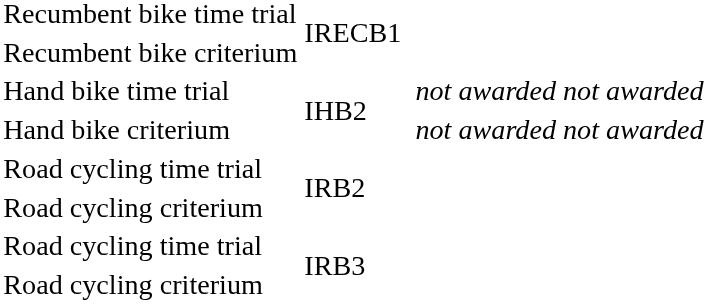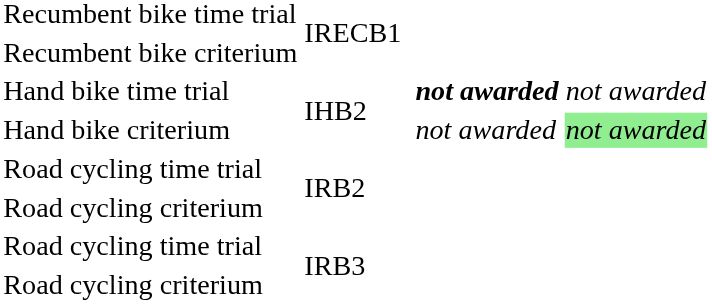 <table>
 <tr>
 <td>Recumbent bike time trial</td>
 <td rowspan=2>IRECB1</td>
 <td></td>
 <td></td>
 <td></td>
 </tr>
 <tr>
 <td>Recumbent bike criterium</td>
 <td></td>
 <td></td>
 <td nowrap></td>
 </tr>
 <tr>
 <td>Hand bike time trial</td>
 <td rowspan=2>IHB2</td>
 <td></td>
-<td><em>not awarded</em></td>
+<td><strong><em>not awarded</em></strong></td>
 <td><em>not awarded</em></td>
 </tr>
 <tr>
 <td>Hand bike criterium</td>
 <td></td>
 <td><em>not awarded</em></td>
-<td><em>not awarded</em></td>
+<td style="background: lightgreen;"><em>not awarded</em></td>
 </tr>
 <tr>
 <td>Road cycling time trial</td>
 <td rowspan=2>IRB2</td>
 <td nowrap></td>
 <td></td>
 <td></td>
 </tr>
 <tr>
 <td>Road cycling criterium</td>
 <td></td>
 <td></td>
 <td></td>
 </tr>
 <tr>
 <td>Road cycling time trial</td>
 <td rowspan=2>IRB3</td>
 <td></td>
 <td nowrap></td>
 <td></td>
 </tr>
 <tr>
 <td>Road cycling criterium</td>
 <td></td>
 <td nowrap></td>
 <td></td>
 </tr>
 </table>
